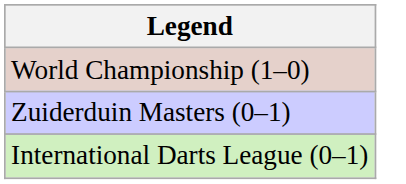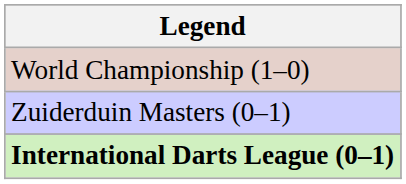 <table class="wikitable">
 <tr>
 <th>Legend</th>
 </tr>
 <tr style="background:#e5d1cb;">
 <td>World Championship (1–0)</td>
 </tr>
 <tr style="background:#ccf;">
 <td>Zuiderduin Masters (0–1)</td>
 </tr>
 <tr style="background:#d0f0c0;">
-<td>International Darts League (0–1)</td>
+<td><strong>International Darts League (0–1)</strong></td>
 </tr>
 </table>
